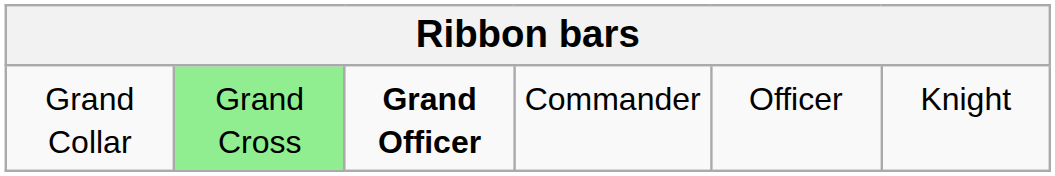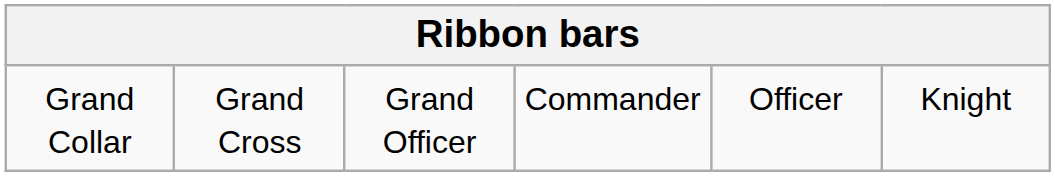 <table align=center class=wikitable width=70% style="margin-left: auto; margin-right: auto; border: none;">
 <tr>
 <th colspan=6>Ribbon bars</th>
 </tr>
 <tr>
 <td width=16% valign=top align=center><small>Grand Collar</small></td>
-<td width=16% valign=top align=center style="background: lightgreen;"><small>Grand Cross</small></td>
-<td width=16% valign=top align=center><strong><small>Grand Officer</small></strong></td>
+<td width=16% valign=top align=center><small>Grand Cross</small></td>
+<td width=16% valign=top align=center><small>Grand Officer</small></td>
 <td width=16% valign=top align=center><small>Commander</small></td>
 <td width=16% valign=top align=center><small>Officer</small></td>
 <td width=16% valign=top align=center><small>Knight</small></td>
 </tr>
 </table>
